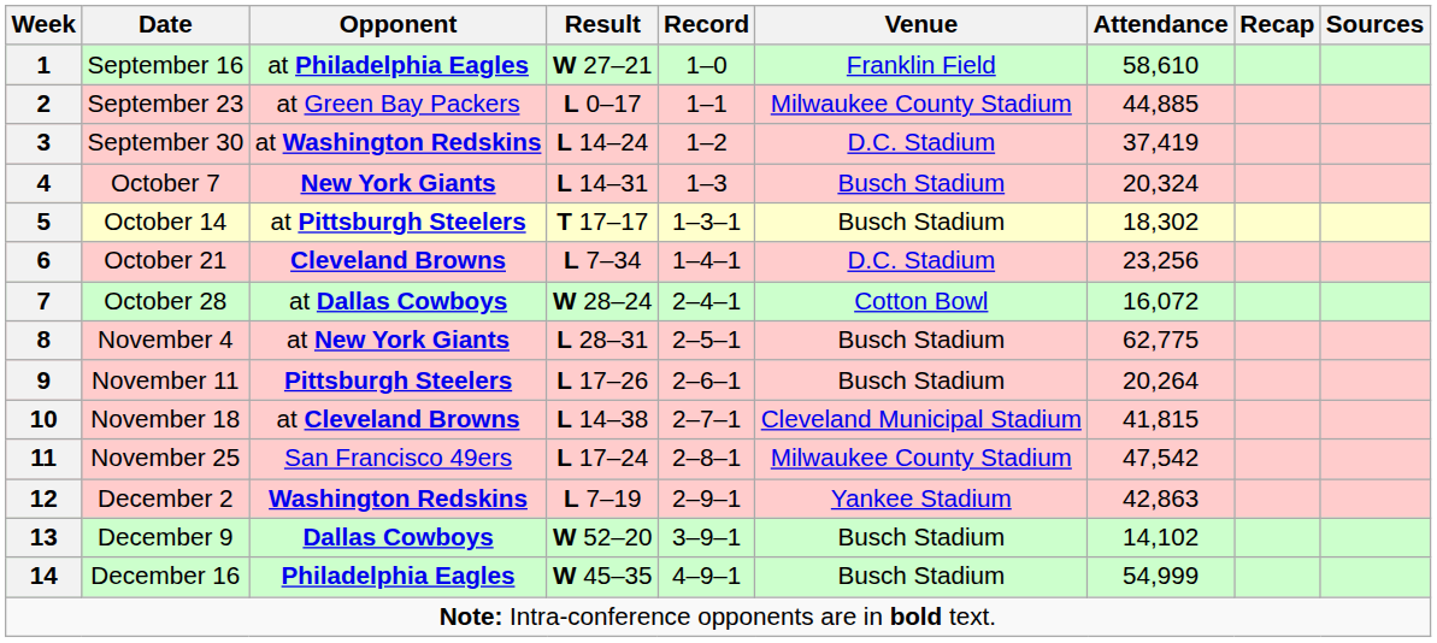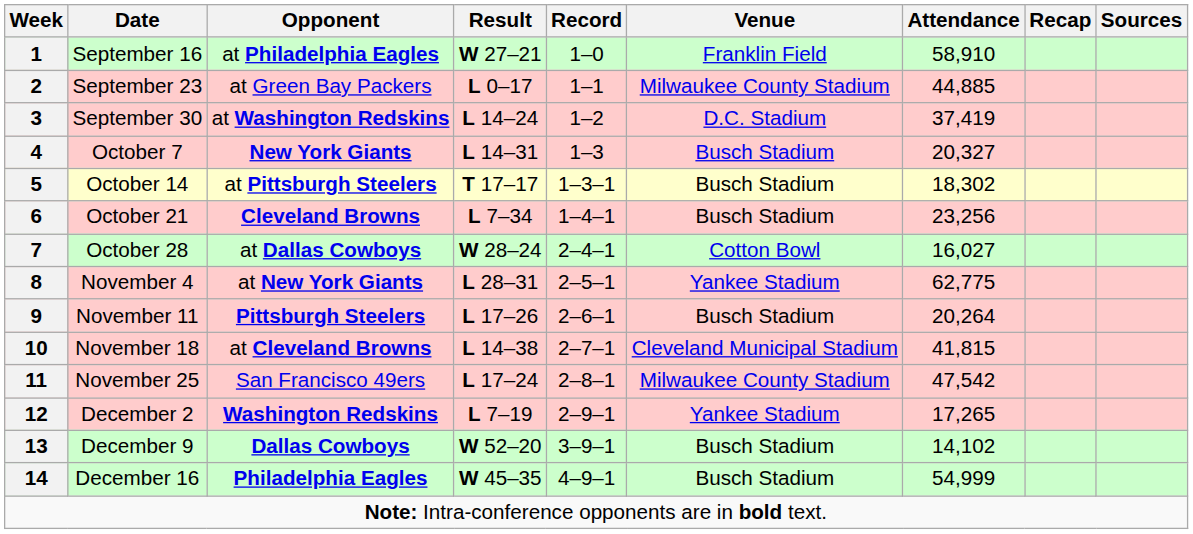 <table class="wikitable" style="text-align:center">
 <tr>
 <th>Week</th>
 <th>Date</th>
 <th>Opponent</th>
 <th>Result</th>
 <th>Record</th>
 <th>Venue</th>
 <th>Attendance</th>
 <th>Recap</th>
 <th>Sources</th>
 </tr>
 <tr style="background:#cfc">
 <th>1</th>
 <td>September 16</td>
 <td>at <strong><a href='#'>Philadelphia Eagles</a></strong></td>
 <td><strong>W</strong> 27–21</td>
 <td>1–0</td>
 <td><a href='#'>Franklin Field</a></td>
-<td>58,610</td>
+<td>58,910</td>
 <td></td>
 <td></td>
 </tr>
 <tr style="background:#fcc">
 <th>2</th>
 <td>September 23</td>
 <td>at <a href='#'>Green Bay Packers</a></td>
 <td><strong>L</strong> 0–17</td>
 <td>1–1</td>
 <td><a href='#'>Milwaukee County Stadium</a></td>
 <td>44,885</td>
 <td></td>
 <td></td>
 </tr>
 <tr style="background:#fcc">
 <th>3</th>
 <td>September 30</td>
 <td>at <strong><a href='#'>Washington Redskins</a></strong></td>
 <td><strong>L</strong> 14–24</td>
 <td>1–2</td>
 <td><a href='#'>D.C. Stadium</a></td>
 <td>37,419</td>
 <td></td>
 <td></td>
 </tr>
 <tr style="background:#fcc">
 <th>4</th>
 <td>October 7</td>
 <td><strong><a href='#'>New York Giants</a></strong></td>
 <td><strong>L</strong> 14–31</td>
 <td>1–3</td>
 <td><a href='#'>Busch Stadium</a></td>
-<td>20,324</td>
+<td>20,327</td>
 <td></td>
 <td></td>
 </tr>
 <tr style="background:#ffc">
 <th>5</th>
 <td>October 14</td>
 <td>at <strong><a href='#'>Pittsburgh Steelers</a></strong></td>
 <td><strong>T</strong> 17–17</td>
 <td>1–3–1</td>
 <td>Busch Stadium</td>
 <td>18,302</td>
 <td></td>
 <td></td>
 </tr>
 <tr style="background:#fcc">
 <th>6</th>
 <td>October 21</td>
 <td><strong><a href='#'>Cleveland Browns</a></strong></td>
 <td><strong>L</strong> 7–34</td>
 <td>1–4–1</td>
-<td><a href='#'>D.C. Stadium</a></td>
+<td>Busch Stadium</td>
 <td>23,256</td>
 <td></td>
 <td></td>
 </tr>
 <tr style="background:#cfc">
 <th>7</th>
 <td>October 28</td>
 <td>at <strong><a href='#'>Dallas Cowboys</a></strong></td>
 <td><strong>W</strong> 28–24</td>
 <td>2–4–1</td>
 <td><a href='#'>Cotton Bowl</a></td>
-<td>16,072</td>
+<td>16,027</td>
 <td></td>
 <td></td>
 </tr>
 <tr style="background:#fcc">
 <th>8</th>
 <td>November 4</td>
 <td>at <strong><a href='#'>New York Giants</a></strong></td>
 <td><strong>L</strong> 28–31</td>
 <td>2–5–1</td>
-<td>Busch Stadium</td>
+<td><a href='#'>Yankee Stadium</a></td>
 <td>62,775</td>
 <td></td>
 <td></td>
 </tr>
 <tr style="background:#fcc">
 <th>9</th>
 <td>November 11</td>
 <td><strong><a href='#'>Pittsburgh Steelers</a></strong></td>
 <td><strong>L</strong> 17–26</td>
 <td>2–6–1</td>
 <td>Busch Stadium</td>
 <td>20,264</td>
 <td></td>
 <td></td>
 </tr>
 <tr style="background:#fcc">
 <th>10</th>
 <td>November 18</td>
 <td>at <strong><a href='#'>Cleveland Browns</a></strong></td>
 <td><strong>L</strong> 14–38</td>
 <td>2–7–1</td>
 <td><a href='#'>Cleveland Municipal Stadium</a></td>
 <td>41,815</td>
 <td></td>
 <td></td>
 </tr>
 <tr style="background:#fcc">
 <th>11</th>
 <td>November 25</td>
 <td><a href='#'>San Francisco 49ers</a></td>
 <td><strong>L</strong> 17–24</td>
 <td>2–8–1</td>
 <td><a href='#'>Milwaukee County Stadium</a></td>
 <td>47,542</td>
 <td></td>
 <td></td>
 </tr>
 <tr style="background:#fcc">
 <th>12</th>
 <td>December 2</td>
 <td><strong><a href='#'>Washington Redskins</a></strong></td>
 <td><strong>L</strong> 7–19</td>
 <td>2–9–1</td>
 <td><a href='#'>Yankee Stadium</a></td>
-<td>42,863</td>
+<td>17,265</td>
 <td></td>
 <td></td>
 </tr>
 <tr style="background:#cfc">
 <th>13</th>
 <td>December 9</td>
 <td><strong><a href='#'>Dallas Cowboys</a></strong></td>
 <td><strong>W</strong> 52–20</td>
 <td>3–9–1</td>
 <td>Busch Stadium</td>
 <td>14,102</td>
 <td></td>
 <td></td>
 </tr>
 <tr style="background:#cfc">
 <th>14</th>
 <td>December 16</td>
 <td><strong><a href='#'>Philadelphia Eagles</a></strong></td>
 <td><strong>W</strong> 45–35</td>
 <td>4–9–1</td>
 <td>Busch Stadium</td>
 <td>54,999</td>
 <td></td>
 <td></td>
 </tr>
 <tr>
 <td colspan="9"><strong>Note:</strong> Intra-conference opponents are in <strong>bold</strong> text.</td>
 </tr>
 </table>
